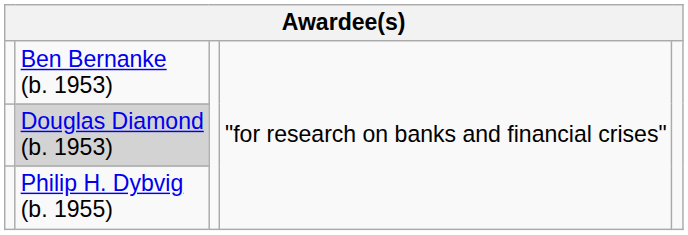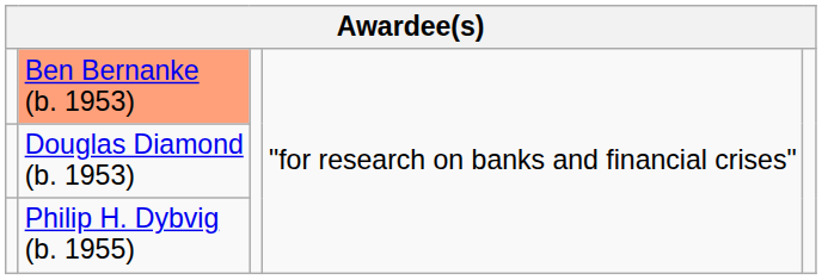 <table class="wikitable">
 <tr>
 <th colspan="5">Awardee(s)</th>
 </tr>
 <tr>
 <td></td>
-<td><a href='#'>Ben Bernanke</a><br>(b. 1953)</td>
+<td style="background: lightsalmon;"><a href='#'>Ben Bernanke</a><br>(b. 1953)</td>
 <td rowspan="3"></td>
 <td rowspan="3">"for research on banks and financial crises"</td>
 <td rowspan="3"></td>
 </tr>
 <tr>
 <td></td>
-<td style="background: lightgrey;"><a href='#'>Douglas Diamond</a><br>(b. 1953)</td>
+<td><a href='#'>Douglas Diamond</a><br>(b. 1953)</td>
 </tr>
 <tr>
 <td></td>
 <td><a href='#'>Philip H. Dybvig</a><br>(b. 1955)</td>
 </tr>
 </table>
